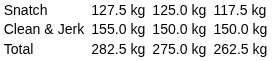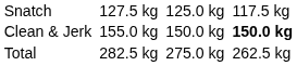 <table>
 <tr>
 <td>Snatch</td>
 <td></td>
 <td>127.5 kg</td>
 <td></td>
 <td>125.0 kg</td>
 <td></td>
 <td>117.5 kg</td>
 </tr>
 <tr>
 <td>Clean & Jerk</td>
 <td></td>
 <td>155.0 kg</td>
 <td></td>
 <td>150.0 kg</td>
 <td></td>
-<td>150.0 kg</td>
+<td><strong>150.0 kg</strong></td>
 </tr>
 <tr>
 <td>Total</td>
 <td></td>
 <td>282.5 kg</td>
 <td></td>
 <td>275.0 kg</td>
 <td></td>
 <td>262.5 kg</td>
 </tr>
 </table>
